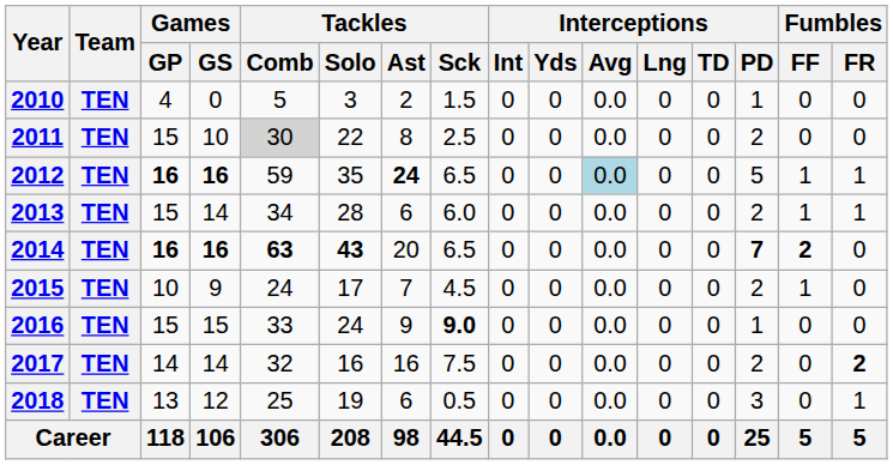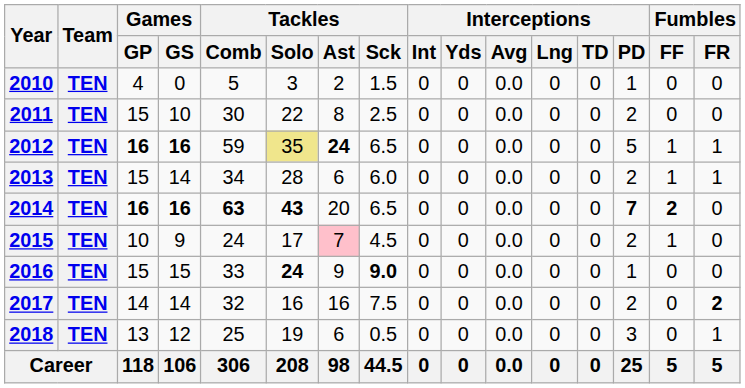 <table class="wikitable" style="text-align:center">
 <tr>
 <th rowspan="2">Year</th>
 <th rowspan="2">Team</th>
 <th colspan="2">Games</th>
 <th colspan="4">Tackles</th>
 <th colspan="6">Interceptions</th>
 <th colspan="2">Fumbles</th>
 </tr>
 <tr>
 <th>GP</th>
 <th>GS</th>
 <th>Comb</th>
 <th>Solo</th>
 <th>Ast</th>
 <th>Sck</th>
 <th>Int</th>
 <th>Yds</th>
 <th>Avg</th>
 <th>Lng</th>
 <th>TD</th>
 <th>PD</th>
 <th>FF</th>
 <th>FR</th>
 </tr>
 <tr>
 <th><a href='#'>2010</a></th>
 <th><a href='#'>TEN</a></th>
 <td>4</td>
 <td>0</td>
 <td>5</td>
 <td>3</td>
 <td>2</td>
 <td>1.5</td>
 <td>0</td>
 <td>0</td>
 <td>0.0</td>
 <td>0</td>
 <td>0</td>
 <td>1</td>
 <td>0</td>
 <td>0</td>
 </tr>
 <tr>
 <th><a href='#'>2011</a></th>
 <th><a href='#'>TEN</a></th>
 <td>15</td>
 <td>10</td>
-<td style="background: lightgrey;">30</td>
+<td>30</td>
 <td>22</td>
 <td>8</td>
 <td>2.5</td>
 <td>0</td>
 <td>0</td>
 <td>0.0</td>
 <td>0</td>
 <td>0</td>
 <td>2</td>
 <td>0</td>
 <td>0</td>
 </tr>
 <tr>
 <th><a href='#'>2012</a></th>
 <th><a href='#'>TEN</a></th>
 <td><strong>16</strong></td>
 <td><strong>16</strong></td>
 <td>59</td>
-<td>35</td>
+<td style="background: khaki;">35</td>
 <td><strong>24</strong></td>
 <td>6.5</td>
 <td>0</td>
 <td>0</td>
-<td style="background: lightblue;">0.0</td>
+<td>0.0</td>
 <td>0</td>
 <td>0</td>
 <td>5</td>
 <td>1</td>
 <td>1</td>
 </tr>
 <tr>
 <th><a href='#'>2013</a></th>
 <th><a href='#'>TEN</a></th>
 <td>15</td>
 <td>14</td>
 <td>34</td>
 <td>28</td>
 <td>6</td>
 <td>6.0</td>
 <td>0</td>
 <td>0</td>
 <td>0.0</td>
 <td>0</td>
 <td>0</td>
 <td>2</td>
 <td>1</td>
 <td>1</td>
 </tr>
 <tr>
 <th><a href='#'>2014</a></th>
 <th><a href='#'>TEN</a></th>
 <td><strong>16</strong></td>
 <td><strong>16</strong></td>
 <td><strong>63</strong></td>
 <td><strong>43</strong></td>
 <td>20</td>
 <td>6.5</td>
 <td>0</td>
 <td>0</td>
 <td>0.0</td>
 <td>0</td>
 <td>0</td>
 <td><strong>7</strong></td>
 <td><strong>2</strong></td>
 <td>0</td>
 </tr>
 <tr>
 <th><a href='#'>2015</a></th>
 <th><a href='#'>TEN</a></th>
 <td>10</td>
 <td>9</td>
 <td>24</td>
 <td>17</td>
-<td>7</td>
+<td style="background: pink;">7</td>
 <td>4.5</td>
 <td>0</td>
 <td>0</td>
 <td>0.0</td>
 <td>0</td>
 <td>0</td>
 <td>2</td>
 <td>1</td>
 <td>0</td>
 </tr>
 <tr>
 <th><a href='#'>2016</a></th>
 <th><a href='#'>TEN</a></th>
 <td>15</td>
 <td>15</td>
 <td>33</td>
-<td>24</td>
+<td><strong>24</strong></td>
 <td>9</td>
 <td><strong>9.0</strong></td>
 <td>0</td>
 <td>0</td>
 <td>0.0</td>
 <td>0</td>
 <td>0</td>
 <td>1</td>
 <td>0</td>
 <td>0</td>
 </tr>
 <tr>
 <th><a href='#'>2017</a></th>
 <th><a href='#'>TEN</a></th>
 <td>14</td>
 <td>14</td>
 <td>32</td>
 <td>16</td>
 <td>16</td>
 <td>7.5</td>
 <td>0</td>
 <td>0</td>
 <td>0.0</td>
 <td>0</td>
 <td>0</td>
 <td>2</td>
 <td>0</td>
 <td><strong>2</strong></td>
 </tr>
 <tr>
 <th><a href='#'>2018</a></th>
 <th><a href='#'>TEN</a></th>
 <td>13</td>
 <td>12</td>
 <td>25</td>
 <td>19</td>
 <td>6</td>
 <td>0.5</td>
 <td>0</td>
 <td>0</td>
 <td>0.0</td>
 <td>0</td>
 <td>0</td>
 <td>3</td>
 <td>0</td>
 <td>1</td>
 </tr>
 <tr>
 <th colspan="2">Career</th>
 <th>118</th>
 <th>106</th>
 <th>306</th>
 <th>208</th>
 <th>98</th>
 <th>44.5</th>
 <th>0</th>
 <th>0</th>
 <th>0.0</th>
 <th>0</th>
 <th>0</th>
 <th>25</th>
 <th>5</th>
 <th>5</th>
 </tr>
 </table>
